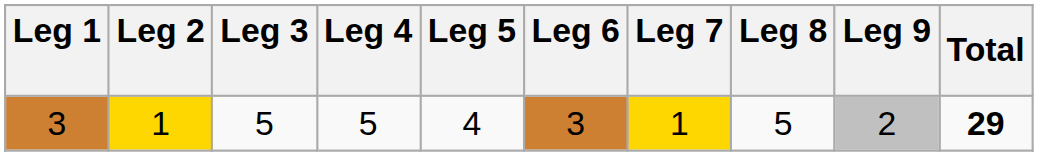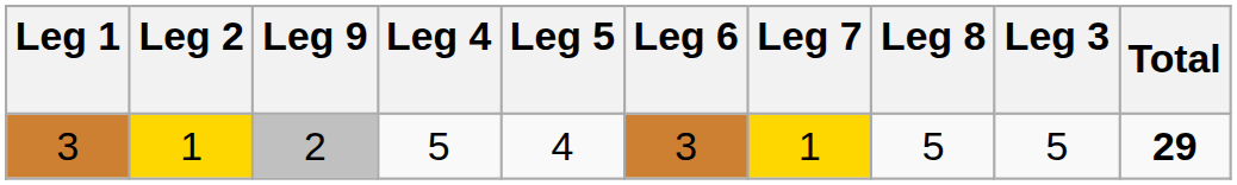 <table class="wikitable" style="text-align: center;">
 <tr>
 <th>Leg 1<br><br></th>
 <th>Leg 2<br><br></th>
-<th>Leg 3<br><br></th>
+<th>Leg 9<br><br></th>
 <th>Leg 4<br><br></th>
 <th>Leg 5<br><br></th>
 <th>Leg 6<br><br></th>
 <th>Leg 7<br><br></th>
 <th>Leg 8<br><br></th>
-<th>Leg 9<br><br></th>
+<th>Leg 3<br><br></th>
 <th>Total</th>
 </tr>
 <tr>
 <td style="background-color: #cd7f32;">3</td>
 <td style="background-color: gold;">1</td>
-<td>5</td>
+<td style="background-color: silver;">2</td>
 <td>5</td>
 <td>4</td>
 <td style="background-color: #cd7f32;">3</td>
 <td style="background-color: gold;">1</td>
 <td>5</td>
-<td style="background-color: silver;">2</td>
+<td>5</td>
 <td><strong>29</strong></td>
 </tr>
 </table>
